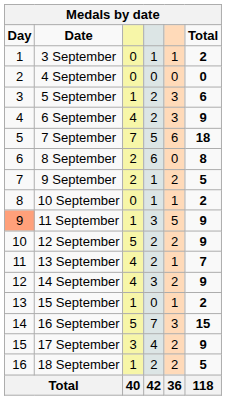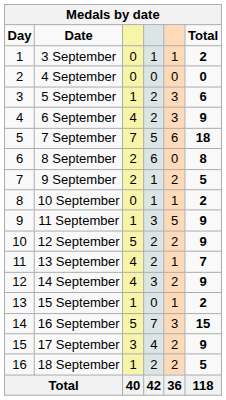 <table class="wikitable" style="font-size:85%; text-align:center;">
 <tr style="background:#efefef;">
 <th colspan=6>Medals by date</th>
 </tr>
 <tr>
 <td><strong>Day</strong></td>
 <td><strong>Date</strong></td>
 <td style="background:#F7F6A8;"></td>
 <td style="background:#DCE5E5;"></td>
 <td style="background:#FFDAB9;"></td>
 <td><strong>Total</strong></td>
 </tr>
 <tr>
 <td>1</td>
 <td>3 September</td>
 <td style="background:#F7F6A8;">0</td>
 <td style="background:#DCE5E5;">1</td>
 <td style="background:#FFDAB9;">1</td>
 <td><strong>2</strong></td>
 </tr>
 <tr>
 <td>2</td>
 <td>4 September</td>
 <td style="background:#F7F6A8;">0</td>
 <td style="background:#DCE5E5;">0</td>
 <td style="background:#FFDAB9;">0</td>
 <td><strong>0</strong></td>
 </tr>
 <tr>
 <td>3</td>
 <td>5 September</td>
 <td style="background:#F7F6A8;">1</td>
 <td style="background:#DCE5E5;">2</td>
 <td style="background:#FFDAB9;">3</td>
 <td><strong>6</strong></td>
 </tr>
 <tr>
 <td>4</td>
 <td>6 September</td>
 <td style="background:#F7F6A8;">4</td>
 <td style="background:#DCE5E5;">2</td>
 <td style="background:#FFDAB9;">3</td>
 <td><strong>9</strong></td>
 </tr>
 <tr>
 <td>5</td>
 <td>7 September</td>
 <td style="background:#F7F6A8;">7</td>
 <td style="background:#DCE5E5;">5</td>
 <td style="background:#FFDAB9;">6</td>
 <td><strong>18</strong></td>
 </tr>
 <tr>
 <td>6</td>
 <td>8 September</td>
 <td style="background:#F7F6A8;">2</td>
 <td style="background:#DCE5E5;">6</td>
 <td style="background:#FFDAB9;">0</td>
 <td><strong>8</strong></td>
 </tr>
 <tr>
 <td>7</td>
 <td>9 September</td>
 <td style="background:#F7F6A8;">2</td>
 <td style="background:#DCE5E5;">1</td>
 <td style="background:#FFDAB9;">2</td>
 <td><strong>5</strong></td>
 </tr>
 <tr>
 <td>8</td>
 <td>10 September</td>
 <td style="background:#F7F6A8;">0</td>
 <td style="background:#DCE5E5;">1</td>
 <td style="background:#FFDAB9;">1</td>
 <td><strong>2</strong></td>
 </tr>
 <tr>
-<td style="background: lightsalmon;">9</td>
+<td>9</td>
 <td>11 September</td>
 <td style="background:#F7F6A8;">1</td>
 <td style="background:#DCE5E5;">3</td>
 <td style="background:#FFDAB9;">5</td>
 <td><strong>9</strong></td>
 </tr>
 <tr>
 <td>10</td>
 <td>12 September</td>
 <td style="background:#F7F6A8;">5</td>
 <td style="background:#DCE5E5;">2</td>
 <td style="background:#FFDAB9;">2</td>
 <td><strong>9</strong></td>
 </tr>
 <tr>
 <td>11</td>
 <td>13 September</td>
 <td style="background:#F7F6A8;">4</td>
 <td style="background:#DCE5E5;">2</td>
 <td style="background:#FFDAB9;">1</td>
 <td><strong>7</strong></td>
 </tr>
 <tr>
 <td>12</td>
 <td>14 September</td>
 <td style="background:#F7F6A8;">4</td>
 <td style="background:#DCE5E5;">3</td>
 <td style="background:#FFDAB9;">2</td>
 <td><strong>9</strong></td>
 </tr>
 <tr>
 <td>13</td>
 <td>15 September</td>
 <td style="background:#F7F6A8;">1</td>
 <td style="background:#DCE5E5;">0</td>
 <td style="background:#FFDAB9;">1</td>
 <td><strong>2</strong></td>
 </tr>
 <tr>
 <td>14</td>
 <td>16 September</td>
 <td style="background:#F7F6A8;">5</td>
 <td style="background:#DCE5E5;">7</td>
 <td style="background:#FFDAB9;">3</td>
 <td><strong>15</strong></td>
 </tr>
 <tr>
 <td>15</td>
 <td>17 September</td>
 <td style="background:#F7F6A8;">3</td>
 <td style="background:#DCE5E5;">4</td>
 <td style="background:#FFDAB9;">2</td>
 <td><strong>9</strong></td>
 </tr>
 <tr>
 <td>16</td>
 <td>18 September</td>
 <td style="background:#F7F6A8;">1</td>
 <td style="background:#DCE5E5;">2</td>
 <td style="background:#FFDAB9;">2</td>
 <td><strong>5</strong></td>
 </tr>
 <tr>
 <th colspan="2">Total</th>
 <th>40</th>
 <th>42</th>
 <th>36</th>
 <th>118</th>
 </tr>
 </table>
